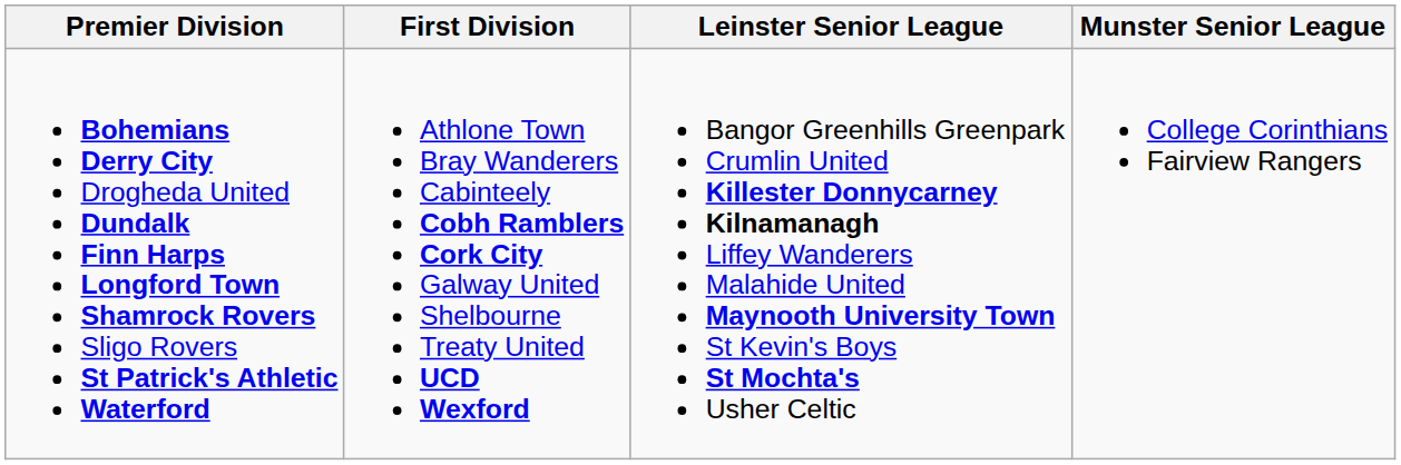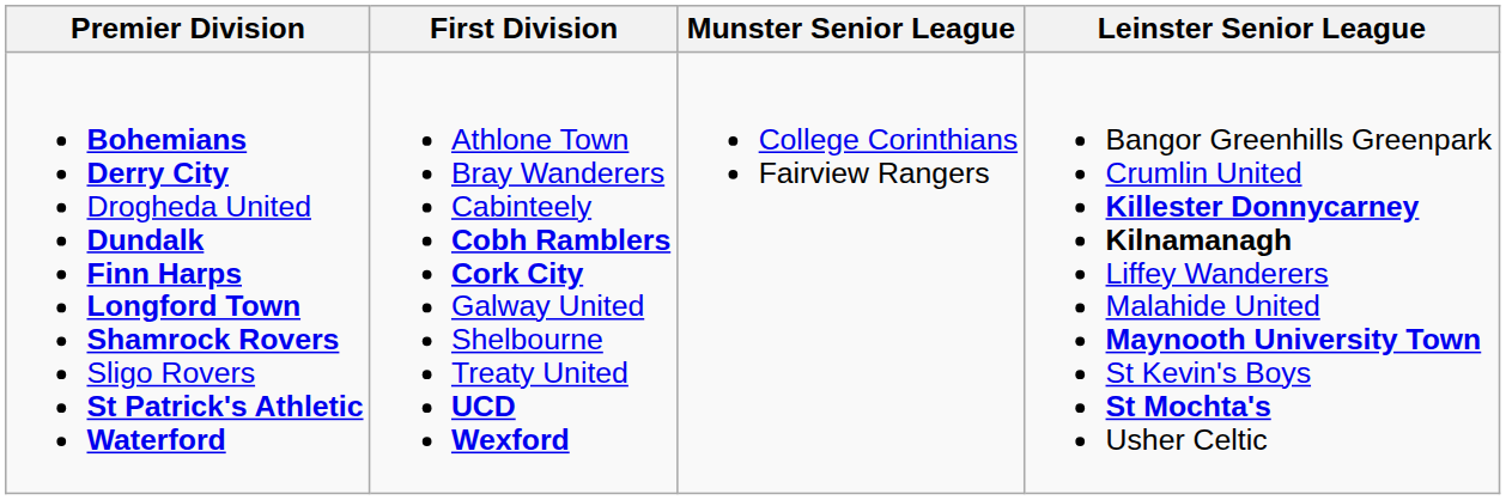 <table class="wikitable">
 <tr>
 <th>Premier Division</th>
 <th>First Division</th>
+<th>Munster Senior League</th>
 <th>Leinster Senior League</th>
-<th>Munster Senior League</th>
 </tr>
 <tr>
 <td valign="top"><br><ul><li><strong><a href='#'>Bohemians</a></strong></li><li><strong><a href='#'>Derry City</a></strong></li><li><a href='#'>Drogheda United</a></li><li><strong><a href='#'>Dundalk</a></strong></li><li><strong><a href='#'>Finn Harps</a></strong></li><li><strong><a href='#'>Longford Town</a></strong></li><li><strong><a href='#'>Shamrock Rovers</a></strong></li><li><a href='#'>Sligo Rovers</a></li><li><strong><a href='#'>St Patrick's Athletic</a></strong></li><li><strong><a href='#'>Waterford</a></strong></li></ul></td>
 <td valign="top"><br><ul><li><a href='#'>Athlone Town</a></li><li><a href='#'>Bray Wanderers</a></li><li><a href='#'>Cabinteely</a></li><li><strong><a href='#'>Cobh Ramblers</a></strong></li><li><strong><a href='#'>Cork City</a></strong></li><li><a href='#'>Galway United</a></li><li><a href='#'>Shelbourne</a></li><li><a href='#'>Treaty United</a></li><li><strong><a href='#'>UCD</a></strong></li><li><strong><a href='#'>Wexford</a></strong></li></ul></td>
+<td valign="top"><br><ul><li><a href='#'>College Corinthians</a></li><li>Fairview Rangers</li></ul></td>
 <td valign="top"><br><ul><li>Bangor Greenhills Greenpark</li><li><a href='#'>Crumlin United</a></li><li><strong><a href='#'>Killester Donnycarney</a></strong></li><li><strong>Kilnamanagh</strong></li><li><a href='#'>Liffey Wanderers</a></li><li><a href='#'>Malahide United</a></li><li><strong><a href='#'>Maynooth University Town</a></strong></li><li><a href='#'>St Kevin's Boys</a></li><li><strong><a href='#'>St Mochta's</a></strong></li><li>Usher Celtic</li></ul></td>
-<td valign="top"><br><ul><li><a href='#'>College Corinthians</a></li><li>Fairview Rangers</li></ul></td>
 </tr>
 </table>
